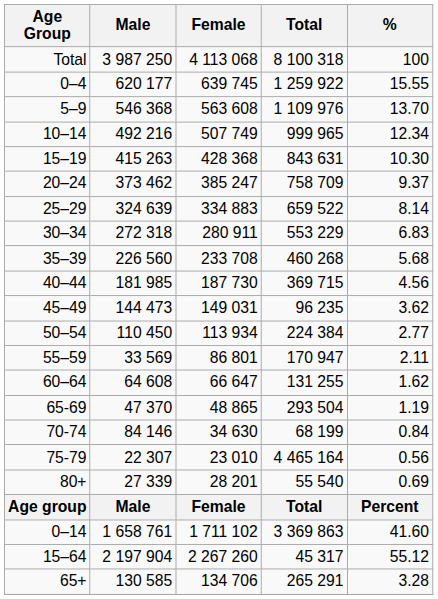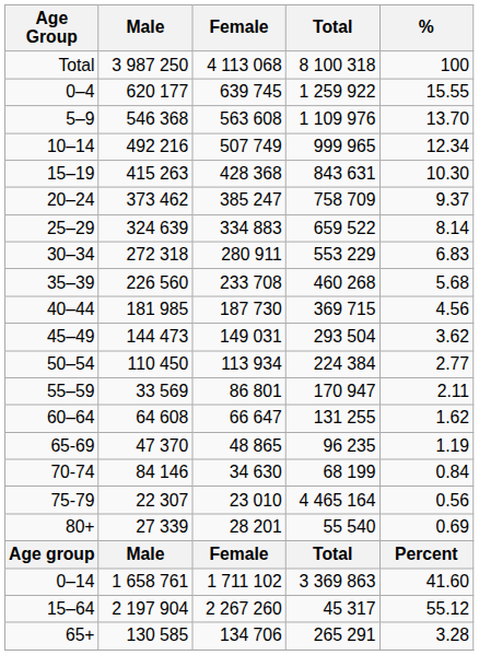 <table class="wikitable">
 <tr>
 <th width="80pt">Age Group</th>
 <th width="80pt">Male</th>
 <th width="80pt">Female</th>
 <th width="80pt">Total</th>
 <th width="80pt">%</th>
 </tr>
 <tr>
 <td align="right">Total</td>
 <td align="right">3 987 250</td>
 <td align="right">4 113 068</td>
 <td align="right">8 100 318</td>
 <td align="right">100</td>
 </tr>
 <tr>
 <td align="right">0–4</td>
 <td align="right">620 177</td>
 <td align="right">639 745</td>
 <td align="right">1 259 922</td>
 <td align="right">15.55</td>
 </tr>
 <tr>
 <td align="right">5–9</td>
 <td align="right">546 368</td>
 <td align="right">563 608</td>
 <td align="right">1 109 976</td>
 <td align="right">13.70</td>
 </tr>
 <tr>
 <td align="right">10–14</td>
 <td align="right">492 216</td>
 <td align="right">507 749</td>
 <td align="right">999 965</td>
 <td align="right">12.34</td>
 </tr>
 <tr>
 <td align="right">15–19</td>
 <td align="right">415 263</td>
 <td align="right">428 368</td>
 <td align="right">843 631</td>
 <td align="right">10.30</td>
 </tr>
 <tr>
 <td align="right">20–24</td>
 <td align="right">373 462</td>
 <td align="right">385 247</td>
 <td align="right">758 709</td>
 <td align="right">9.37</td>
 </tr>
 <tr>
 <td align="right">25–29</td>
 <td align="right">324 639</td>
 <td align="right">334 883</td>
 <td align="right">659 522</td>
 <td align="right">8.14</td>
 </tr>
 <tr>
 <td align="right">30–34</td>
 <td align="right">272 318</td>
 <td align="right">280 911</td>
 <td align="right">553 229</td>
 <td align="right">6.83</td>
 </tr>
 <tr>
 <td align="right">35–39</td>
 <td align="right">226 560</td>
 <td align="right">233 708</td>
 <td align="right">460 268</td>
 <td align="right">5.68</td>
 </tr>
 <tr>
 <td align="right">40–44</td>
 <td align="right">181 985</td>
 <td align="right">187 730</td>
 <td align="right">369 715</td>
 <td align="right">4.56</td>
 </tr>
 <tr>
 <td align="right">45–49</td>
 <td align="right">144 473</td>
 <td align="right">149 031</td>
-<td align="right">96 235</td>
+<td align="right">293 504</td>
 <td align="right">3.62</td>
 </tr>
 <tr>
 <td align="right">50–54</td>
 <td align="right">110 450</td>
 <td align="right">113 934</td>
 <td align="right">224 384</td>
 <td align="right">2.77</td>
 </tr>
 <tr>
 <td align="right">55–59</td>
 <td align="right">33 569</td>
 <td align="right">86 801</td>
 <td align="right">170 947</td>
 <td align="right">2.11</td>
 </tr>
 <tr>
 <td align="right">60–64</td>
 <td align="right">64 608</td>
 <td align="right">66 647</td>
 <td align="right">131 255</td>
 <td align="right">1.62</td>
 </tr>
 <tr>
 <td align="right">65-69</td>
 <td align="right">47 370</td>
 <td align="right">48 865</td>
-<td align="right">293 504</td>
+<td align="right">96 235</td>
 <td align="right">1.19</td>
 </tr>
 <tr>
 <td align="right">70-74</td>
 <td align="right">84 146</td>
 <td align="right">34 630</td>
 <td align="right">68 199</td>
 <td align="right">0.84</td>
 </tr>
 <tr>
 <td align="right">75-79</td>
 <td align="right">22 307</td>
 <td align="right">23 010</td>
 <td align="right">4 465 164</td>
 <td align="right">0.56</td>
 </tr>
 <tr>
 <td align="right">80+</td>
 <td align="right">27 339</td>
 <td align="right">28 201</td>
 <td align="right">55 540</td>
 <td align="right">0.69</td>
 </tr>
 <tr>
 <th width="50">Age group</th>
 <th width="80pt">Male</th>
 <th width="80">Female</th>
 <th width="80">Total</th>
 <th width="50">Percent</th>
 </tr>
 <tr>
 <td align="right">0–14</td>
 <td align="right">1 658 761</td>
 <td align="right">1 711 102</td>
 <td align="right">3 369 863</td>
 <td align="right">41.60</td>
 </tr>
 <tr>
 <td align="right">15–64</td>
 <td align="right">2 197 904</td>
 <td align="right">2 267 260</td>
 <td align="right">45 317</td>
 <td align="right">55.12</td>
 </tr>
 <tr>
 <td align="right">65+</td>
 <td align="right">130 585</td>
 <td align="right">134 706</td>
 <td align="right">265 291</td>
 <td align="right">3.28</td>
 </tr>
 <tr>
 </tr>
 </table>
